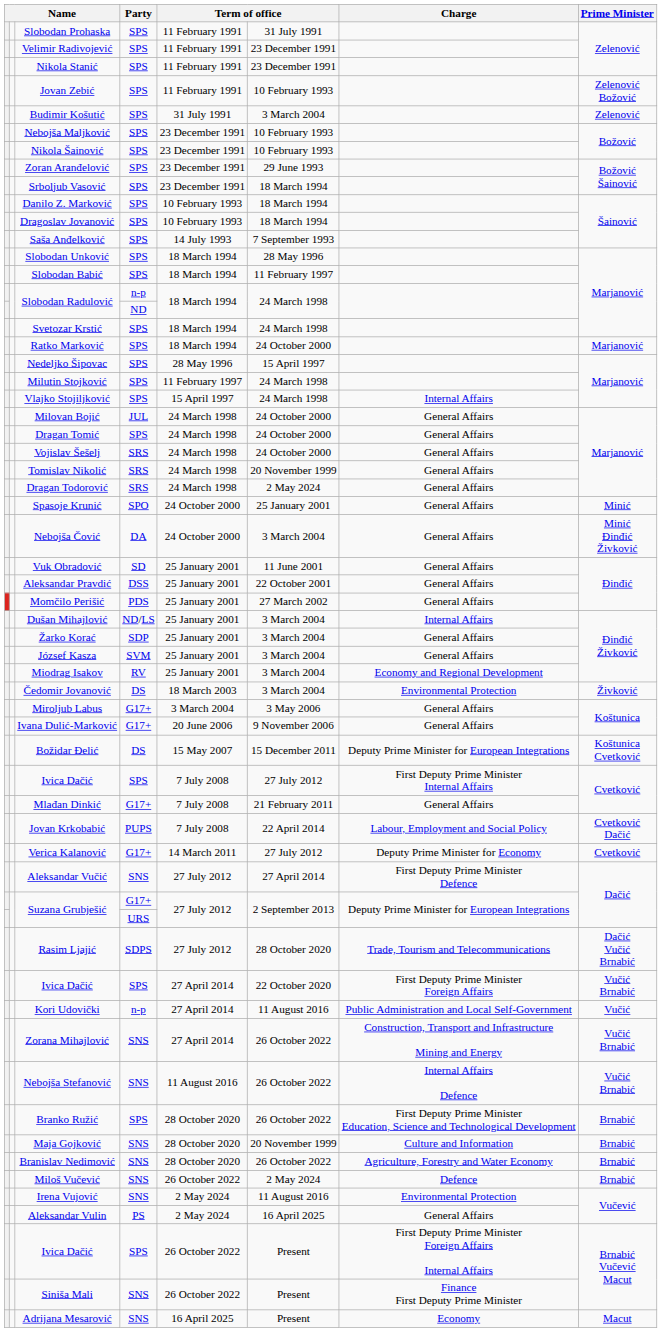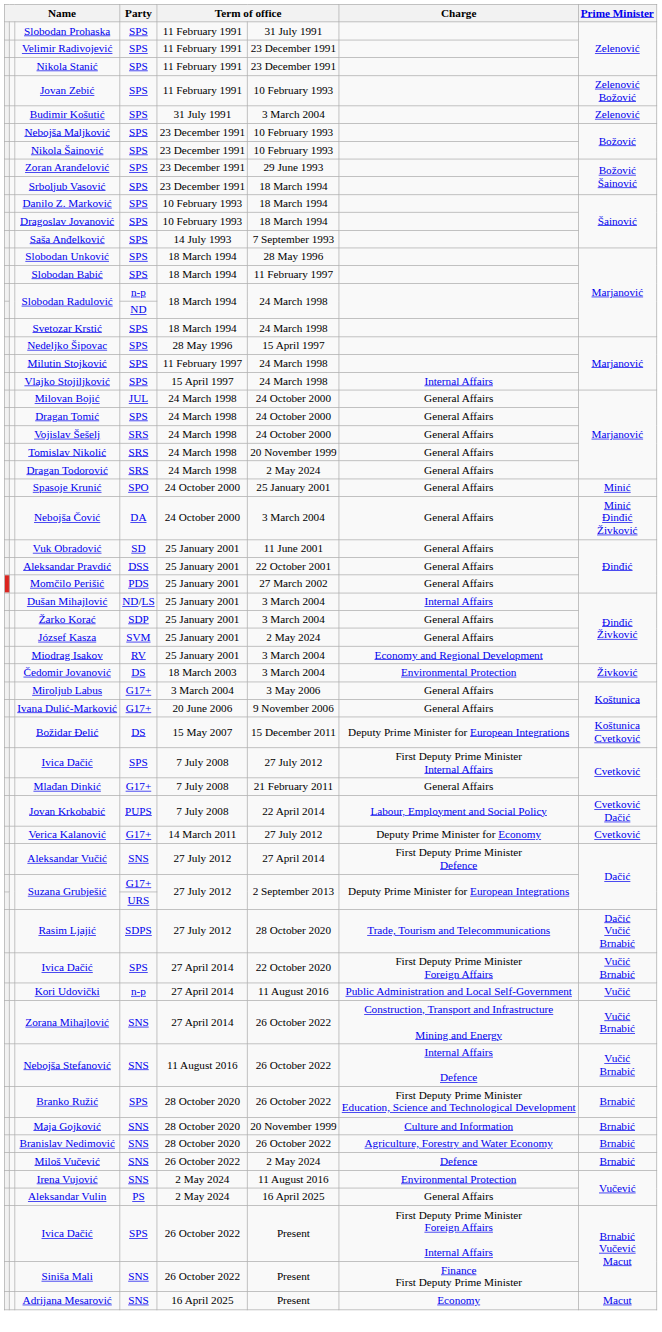 <table class="wikitable" style="text-align:center;">
 <tr>
 <th colspan=3>Name<br></th>
 <th>Party</th>
 <th colspan=2>Term of office</th>
 <th>Charge</th>
 <th><a href='#'>Prime Minister</a><br></th>
 </tr>
 <tr>
 <th style="background:"></th>
 <td></td>
 <td><a href='#'>Slobodan Prohaska</a><br></td>
 <td><a href='#'>SPS</a></td>
 <td>11 February 1991</td>
 <td>31 July 1991</td>
 <td></td>
 <td rowspan=3><a href='#'>Zelenović</a> </td>
 </tr>
 <tr>
 <th style="background:"></th>
 <td></td>
 <td><a href='#'>Velimir Radivojević</a><br></td>
 <td><a href='#'>SPS</a></td>
 <td>11 February 1991</td>
 <td>23 December 1991</td>
 <td></td>
 </tr>
 <tr>
 <th style="background:"></th>
 <td></td>
 <td><a href='#'>Nikola Stanić</a><br></td>
 <td><a href='#'>SPS</a></td>
 <td>11 February 1991</td>
 <td>23 December 1991</td>
 <td></td>
 </tr>
 <tr>
 <th style="background:"></th>
 <td></td>
 <td><a href='#'>Jovan Zebić</a><br></td>
 <td><a href='#'>SPS</a></td>
 <td>11 February 1991</td>
 <td>10 February 1993</td>
 <td></td>
 <td><a href='#'>Zelenović</a> <br><a href='#'>Božović</a> </td>
 </tr>
 <tr>
 <th style="background:"></th>
 <td></td>
 <td><a href='#'>Budimir Košutić</a><br></td>
 <td><a href='#'>SPS</a></td>
 <td>31 July 1991</td>
 <td>3 March 2004</td>
 <td></td>
 <td><a href='#'>Zelenović</a> </td>
 </tr>
 <tr>
 <th style="background:"></th>
 <td></td>
 <td><a href='#'>Nebojša Maljković</a><br></td>
 <td><a href='#'>SPS</a></td>
 <td>23 December 1991</td>
 <td>10 February 1993</td>
 <td></td>
 <td rowspan=2><a href='#'>Božović</a> </td>
 </tr>
 <tr>
 <th style="background:"></th>
 <td></td>
 <td><a href='#'>Nikola Šainović</a><br></td>
 <td><a href='#'>SPS</a></td>
 <td>23 December 1991</td>
 <td>10 February 1993</td>
 <td></td>
 </tr>
 <tr>
 <th style="background:"></th>
 <td></td>
 <td><a href='#'>Zoran Aranđelović</a><br></td>
 <td><a href='#'>SPS</a></td>
 <td>23 December 1991</td>
 <td>29 June 1993</td>
 <td></td>
 <td rowspan=2><a href='#'>Božović</a> <br><a href='#'>Šainović</a> </td>
 </tr>
 <tr>
 <th style="background:"></th>
 <td></td>
 <td><a href='#'>Srboljub Vasović</a><br></td>
 <td><a href='#'>SPS</a></td>
 <td>23 December 1991</td>
 <td>18 March 1994</td>
 <td></td>
 </tr>
 <tr>
 <th style="background:"></th>
 <td></td>
 <td><a href='#'>Danilo Z. Marković</a><br></td>
 <td><a href='#'>SPS</a></td>
 <td>10 February 1993</td>
 <td>18 March 1994</td>
 <td></td>
 <td rowspan=3><a href='#'>Šainović</a> </td>
 </tr>
 <tr>
 <th style="background:"></th>
 <td></td>
 <td><a href='#'>Dragoslav Jovanović</a><br></td>
 <td><a href='#'>SPS</a></td>
 <td>10 February 1993</td>
 <td>18 March 1994</td>
 <td></td>
 </tr>
 <tr>
 <th style="background:"></th>
 <td></td>
 <td><a href='#'>Saša Anđelković</a><br></td>
 <td><a href='#'>SPS</a></td>
 <td>14 July 1993</td>
 <td>7 September 1993</td>
 <td></td>
 </tr>
 <tr>
 <th style="background:"></th>
 <td></td>
 <td><a href='#'>Slobodan Unković</a><br></td>
 <td><a href='#'>SPS</a></td>
 <td>18 March 1994</td>
 <td>28 May 1996</td>
 <td></td>
 <td rowspan=5><a href='#'>Marjanović</a> </td>
 </tr>
 <tr>
 <th style="background:"></th>
 <td></td>
 <td><a href='#'>Slobodan Babić</a><br></td>
 <td><a href='#'>SPS</a></td>
 <td>18 March 1994</td>
 <td>11 February 1997</td>
 <td></td>
 </tr>
 <tr>
 <th style="background:"></th>
 <td rowspan=2></td>
 <td rowspan=2><a href='#'>Slobodan Radulović</a><br></td>
 <td><a href='#'>n-p</a></td>
 <td rowspan=2>18 March 1994</td>
 <td rowspan=2>24 March 1998</td>
 <td rowspan=2></td>
 </tr>
 <tr>
 <th style="background:"></th>
 <td><a href='#'>ND</a></td>
 </tr>
 <tr>
 <th style="background:"></th>
 <td></td>
 <td><a href='#'>Svetozar Krstić</a><br></td>
 <td><a href='#'>SPS</a></td>
 <td>18 March 1994</td>
 <td>24 March 1998</td>
 <td></td>
 </tr>
 <tr>
 <th style="background:"></th>
 <td></td>
-<td><a href='#'>Ratko Marković</a><br></td>
-<td><a href='#'>SPS</a></td>
-<td>18 March 1994</td>
-<td>24 October 2000</td>
-<td></td>
-<td><a href='#'>Marjanović</a> </td>
-</tr>
-<tr>
-<th style="background:"></th>
-<td></td>
 <td><a href='#'>Nedeljko Šipovac</a><br></td>
 <td><a href='#'>SPS</a></td>
 <td>28 May 1996</td>
 <td>15 April 1997</td>
 <td></td>
 <td rowspan=3><a href='#'>Marjanović</a> </td>
 </tr>
 <tr>
 <th style="background:"></th>
 <td></td>
 <td><a href='#'>Milutin Stojković</a><br></td>
 <td><a href='#'>SPS</a></td>
 <td>11 February 1997</td>
 <td>24 March 1998</td>
 <td></td>
 </tr>
 <tr>
 <th style="background:"></th>
 <td></td>
 <td><a href='#'>Vlajko Stojiljković</a><br></td>
 <td><a href='#'>SPS</a></td>
 <td>15 April 1997</td>
 <td>24 March 1998</td>
 <td><a href='#'>Internal Affairs</a></td>
 </tr>
 <tr>
 <th style="background:"></th>
 <td></td>
 <td><a href='#'>Milovan Bojić</a><br></td>
 <td><a href='#'>JUL</a></td>
 <td>24 March 1998</td>
 <td>24 October 2000</td>
 <td>General Affairs</td>
 <td rowspan=5><a href='#'>Marjanović</a> </td>
 </tr>
 <tr>
 <th style="background:"></th>
 <td></td>
 <td><a href='#'>Dragan Tomić</a><br></td>
 <td><a href='#'>SPS</a></td>
 <td>24 March 1998</td>
 <td>24 October 2000</td>
 <td>General Affairs</td>
 </tr>
 <tr>
 <th style="background:"></th>
 <td></td>
 <td><a href='#'>Vojislav Šešelj</a><br></td>
 <td><a href='#'>SRS</a></td>
 <td>24 March 1998</td>
 <td>24 October 2000</td>
 <td>General Affairs</td>
 </tr>
 <tr>
 <th style="background:"></th>
 <td></td>
 <td><a href='#'>Tomislav Nikolić</a><br></td>
 <td><a href='#'>SRS</a></td>
 <td>24 March 1998</td>
 <td>20 November 1999</td>
 <td>General Affairs</td>
 </tr>
 <tr>
 <th style="background:"></th>
 <td></td>
 <td><a href='#'>Dragan Todorović</a><br></td>
 <td><a href='#'>SRS</a></td>
 <td>24 March 1998</td>
 <td>2 May 2024</td>
 <td>General Affairs</td>
 </tr>
 <tr>
 <th style="background:"></th>
 <td></td>
 <td><a href='#'>Spasoje Krunić</a><br></td>
 <td><a href='#'>SPO</a></td>
 <td>24 October 2000</td>
 <td>25 January 2001</td>
 <td>General Affairs</td>
 <td><a href='#'>Minić</a> </td>
 </tr>
 <tr>
 <th style="background:"></th>
 <td></td>
 <td><a href='#'>Nebojša Čović</a><br></td>
 <td><a href='#'>DA</a><br></td>
 <td>24 October 2000</td>
 <td>3 March 2004</td>
 <td>General Affairs</td>
 <td><a href='#'>Minić</a> <br><a href='#'>Đinđić</a> <br><a href='#'>Živković</a> </td>
 </tr>
 <tr>
 <th style="background:"></th>
 <td></td>
 <td><a href='#'>Vuk Obradović</a><br></td>
 <td><a href='#'>SD</a><br></td>
 <td>25 January 2001</td>
 <td>11 June 2001</td>
 <td>General Affairs</td>
 <td rowspan=3><a href='#'>Đinđić</a> </td>
 </tr>
 <tr>
 <th style="background:"></th>
 <td></td>
 <td><a href='#'>Aleksandar Pravdić</a><br></td>
 <td><a href='#'>DSS</a><br></td>
 <td>25 January 2001</td>
 <td>22 October 2001</td>
 <td>General Affairs</td>
 </tr>
 <tr>
 <th style="background:#DC241F;"></th>
 <td></td>
 <td><a href='#'>Momčilo Perišić</a><br></td>
 <td><a href='#'>PDS</a><br></td>
 <td>25 January 2001</td>
 <td>27 March 2002</td>
 <td>General Affairs</td>
 </tr>
 <tr>
 <th style="background:"></th>
 <td></td>
 <td><a href='#'>Dušan Mihajlović</a><br></td>
 <td><a href='#'>ND</a>/<a href='#'>LS</a><br></td>
 <td>25 January 2001</td>
 <td>3 March 2004</td>
 <td><a href='#'>Internal Affairs</a></td>
 <td rowspan=4><a href='#'>Đinđić</a> <br><a href='#'>Živković</a> </td>
 </tr>
 <tr>
 <th style="background:"></th>
 <td></td>
 <td><a href='#'>Žarko Korać</a><br></td>
 <td><a href='#'>SDP</a><br></td>
 <td>25 January 2001</td>
 <td>3 March 2004</td>
 <td>General Affairs</td>
 </tr>
 <tr>
 <th style="background:"></th>
 <td></td>
 <td><a href='#'>József Kasza</a><br></td>
 <td><a href='#'>SVM</a><br></td>
 <td>25 January 2001</td>
-<td>3 March 2004</td>
+<td>2 May 2024</td>
 <td>General Affairs</td>
 </tr>
 <tr>
 <th style="background:"></th>
 <td></td>
 <td><a href='#'>Miodrag Isakov</a><br></td>
 <td><a href='#'>RV</a><br></td>
 <td>25 January 2001</td>
 <td>3 March 2004</td>
 <td><a href='#'>Economy and Regional Development</a></td>
 </tr>
 <tr>
 <th style="background:"></th>
 <td></td>
 <td><a href='#'>Čedomir Jovanović</a><br></td>
 <td><a href='#'>DS</a><br></td>
 <td>18 March 2003</td>
 <td>3 March 2004</td>
 <td><a href='#'>Environmental Protection</a></td>
 <td><a href='#'>Živković</a> </td>
 </tr>
 <tr>
 <th style="background:"></th>
 <td></td>
 <td><a href='#'>Miroljub Labus</a><br></td>
 <td><a href='#'>G17+</a></td>
 <td>3 March 2004</td>
 <td>3 May 2006</td>
 <td>General Affairs</td>
 <td rowspan=2><a href='#'>Koštunica</a> </td>
 </tr>
 <tr>
 <th style="background:"></th>
 <td></td>
 <td><a href='#'>Ivana Dulić-Marković</a><br></td>
 <td><a href='#'>G17+</a></td>
 <td>20 June 2006</td>
 <td>9 November 2006</td>
 <td>General Affairs</td>
 </tr>
 <tr>
 <th style="background:"></th>
 <td></td>
 <td><a href='#'>Božidar Đelić</a><br></td>
 <td><a href='#'>DS</a></td>
 <td>15 May 2007</td>
 <td>15 December 2011</td>
 <td>Deputy Prime Minister for <a href='#'>European Integrations</a></td>
 <td><a href='#'>Koštunica</a> <br><a href='#'>Cvetković</a> </td>
 </tr>
 <tr>
 <th style="background:"></th>
 <td></td>
 <td><a href='#'>Ivica Dačić</a><br></td>
 <td><a href='#'>SPS</a></td>
 <td>7 July 2008</td>
 <td>27 July 2012</td>
 <td>First Deputy Prime Minister<br><a href='#'>Internal Affairs</a></td>
 <td rowspan=2><a href='#'>Cvetković</a> </td>
 </tr>
 <tr>
 <th style="background:"></th>
 <td></td>
 <td><a href='#'>Mlađan Dinkić</a><br></td>
 <td><a href='#'>G17+</a></td>
 <td>7 July 2008</td>
 <td>21 February 2011</td>
 <td>General Affairs</td>
 </tr>
 <tr>
 <th style="background:"></th>
 <td></td>
 <td><a href='#'>Jovan Krkobabić</a><br></td>
 <td><a href='#'>PUPS</a></td>
 <td>7 July 2008</td>
 <td>22 April 2014<br></td>
 <td><a href='#'>Labour, Employment and Social Policy</a><br></td>
 <td><a href='#'>Cvetković</a> <br><a href='#'>Dačić</a> </td>
 </tr>
 <tr>
 <th style="background:"></th>
 <td></td>
 <td><a href='#'>Verica Kalanović</a><br></td>
 <td><a href='#'>G17+</a></td>
 <td>14 March 2011</td>
 <td>27 July 2012</td>
 <td>Deputy Prime Minister for <a href='#'>Economy</a></td>
 <td><a href='#'>Cvetković</a> </td>
 </tr>
 <tr>
 <th style="background:"></th>
 <td></td>
 <td><a href='#'>Aleksandar Vučić</a><br></td>
 <td><a href='#'>SNS</a></td>
 <td>27 July 2012</td>
 <td>27 April 2014</td>
 <td>First Deputy Prime Minister<br><a href='#'>Defence</a><br></td>
 <td rowspan=3><a href='#'>Dačić</a> </td>
 </tr>
 <tr>
 <th style="background:"></th>
 <td rowspan=2></td>
 <td rowspan=2><a href='#'>Suzana Grubješić</a><br></td>
 <td><a href='#'>G17+</a></td>
 <td rowspan=2>27 July 2012</td>
 <td rowspan=2>2 September 2013</td>
 <td rowspan=2>Deputy Prime Minister for <a href='#'>European Integrations</a></td>
 </tr>
 <tr>
 <th style="background:"></th>
 <td><a href='#'>URS</a></td>
 </tr>
 <tr>
 <th style="background:"></th>
 <td></td>
 <td><a href='#'>Rasim Ljajić</a><br></td>
 <td><a href='#'>SDPS</a></td>
 <td>27 July 2012</td>
 <td>28 October 2020</td>
 <td><a href='#'>Trade, Tourism and Telecommunications</a></td>
 <td><a href='#'>Dačić</a> <br><a href='#'>Vučić</a> <br><a href='#'>Brnabić</a> </td>
 </tr>
 <tr>
 <th style="background:"></th>
 <td></td>
 <td><a href='#'>Ivica Dačić</a><br></td>
 <td><a href='#'>SPS</a></td>
 <td>27 April 2014</td>
 <td>22 October 2020</td>
 <td>First Deputy Prime Minister<br><a href='#'>Foreign Affairs</a></td>
 <td><a href='#'>Vučić</a> <br><a href='#'>Brnabić</a> </td>
 </tr>
 <tr>
 <th style="background:"></th>
 <td></td>
 <td><a href='#'>Kori Udovički</a><br></td>
 <td><a href='#'>n-p</a></td>
 <td>27 April 2014</td>
 <td>11 August 2016</td>
 <td><a href='#'>Public Administration and Local Self-Government</a></td>
 <td><a href='#'>Vučić</a> </td>
 </tr>
 <tr>
 <th style="background:"></th>
 <td></td>
 <td><a href='#'>Zorana Mihajlović</a><br></td>
 <td><a href='#'>SNS</a></td>
 <td>27 April 2014</td>
 <td>26 October 2022</td>
 <td><a href='#'>Construction, Transport and Infrastructure</a><br><br><a href='#'>Mining and Energy</a><br></td>
 <td><a href='#'>Vučić</a> <br><a href='#'>Brnabić</a> </td>
 </tr>
 <tr>
 <th style="background:"></th>
 <td></td>
 <td><a href='#'>Nebojša Stefanović</a><br></td>
 <td><a href='#'>SNS</a></td>
 <td>11 August 2016</td>
 <td>26 October 2022</td>
 <td><a href='#'>Internal Affairs</a><br><br><a href='#'>Defence</a><br></td>
 <td><a href='#'>Vučić</a> <br><a href='#'>Brnabić</a> </td>
 </tr>
 <tr>
 <th style="background:"></th>
 <td></td>
 <td><a href='#'>Branko Ružić</a><br></td>
 <td><a href='#'>SPS</a></td>
 <td>28 October 2020</td>
 <td>26 October 2022</td>
 <td>First Deputy Prime Minister<br><a href='#'>Education, Science and Technological Development</a></td>
 <td><a href='#'>Brnabić</a> </td>
 </tr>
 <tr>
 <th style="background:"></th>
 <td></td>
 <td><a href='#'>Maja Gojković</a><br></td>
 <td><a href='#'>SNS</a></td>
 <td>28 October 2020</td>
 <td>20 November 1999</td>
 <td><a href='#'>Culture and Information</a></td>
 <td><a href='#'>Brnabić</a> </td>
 </tr>
 <tr>
 <th style="background:"></th>
 <td></td>
 <td><a href='#'>Branislav Nedimović</a><br></td>
 <td><a href='#'>SNS</a></td>
 <td>28 October 2020</td>
 <td>26 October 2022</td>
 <td><a href='#'>Agriculture, Forestry and Water Economy</a></td>
 <td><a href='#'>Brnabić</a> </td>
 </tr>
 <tr>
 <th style="background:"></th>
 <td></td>
 <td><a href='#'>Miloš Vučević</a><br></td>
 <td><a href='#'>SNS</a></td>
 <td>26 October 2022</td>
 <td>2 May 2024</td>
 <td><a href='#'>Defence</a></td>
 <td><a href='#'>Brnabić</a> </td>
 </tr>
 <tr>
 <th style="background:"></th>
 <td></td>
 <td><a href='#'>Irena Vujović</a><br></td>
 <td><a href='#'>SNS</a></td>
 <td>2 May 2024</td>
 <td>11 August 2016</td>
 <td><a href='#'>Environmental Protection</a></td>
 <td rowspan=2><a href='#'>Vučević</a> </td>
 </tr>
 <tr>
 <th style="background:"></th>
 <td></td>
 <td><a href='#'>Aleksandar Vulin</a><br></td>
 <td><a href='#'>PS</a></td>
 <td>2 May 2024</td>
 <td>16 April 2025</td>
 <td>General Affairs</td>
 </tr>
 <tr>
 <th style="background:"></th>
 <td></td>
 <td><a href='#'>Ivica Dačić</a><br></td>
 <td><a href='#'>SPS</a></td>
 <td>26 October 2022</td>
 <td>Present</td>
 <td>First Deputy Prime Minister<br><a href='#'>Foreign Affairs</a><br><br><a href='#'>Internal Affairs</a><br></td>
 <td rowspan=2><a href='#'>Brnabić</a> <br><a href='#'>Vučević</a> <br><a href='#'>Macut</a> </td>
 </tr>
 <tr>
 <th style="background:"></th>
 <td></td>
 <td><a href='#'>Siniša Mali</a><br></td>
 <td><a href='#'>SNS</a></td>
 <td>26 October 2022</td>
 <td>Present</td>
 <td><a href='#'>Finance</a><br>First Deputy Prime Minister<br></td>
 </tr>
 <tr>
 <th style="background:"></th>
 <td></td>
 <td><a href='#'>Adrijana Mesarović</a><br></td>
 <td><a href='#'>SNS</a></td>
 <td>16 April 2025</td>
 <td>Present</td>
 <td><a href='#'>Economy</a></td>
 <td><a href='#'>Macut</a> </td>
 </tr>
 </table>
